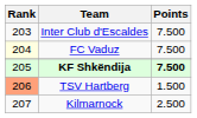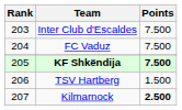 <table class="wikitable" style="text-align:center">
 <tr>
 <th>Rank</th>
 <th>Team</th>
 <th>Points</th>
 </tr>
 <tr>
 <td>203</td>
 <td> <a href='#'>Inter Club d'Escaldes</a></td>
 <td>7.500</td>
 </tr>
 <tr>
-<td style="background: lightyellow;">204</td>
+<td>204</td>
 <td> <a href='#'>FC Vaduz</a></td>
 <td>7.500</td>
 </tr>
 <tr>
 </tr>
 <tr bgcolor="#ddffdd">
 <td>205</td>
 <td> <strong>KF Shkëndija</strong></td>
 <td><strong>7.500</strong></td>
 </tr>
 <tr>
-<td style="background: lightsalmon;">206</td>
+<td>206</td>
 <td> <a href='#'>TSV Hartberg</a></td>
 <td>1.500</td>
 </tr>
 <tr>
 <td>207</td>
 <td> <a href='#'>Kilmarnock</a></td>
-<td>2.500</td>
+<td><strong>2.500</strong></td>
 </tr>
 </table>
